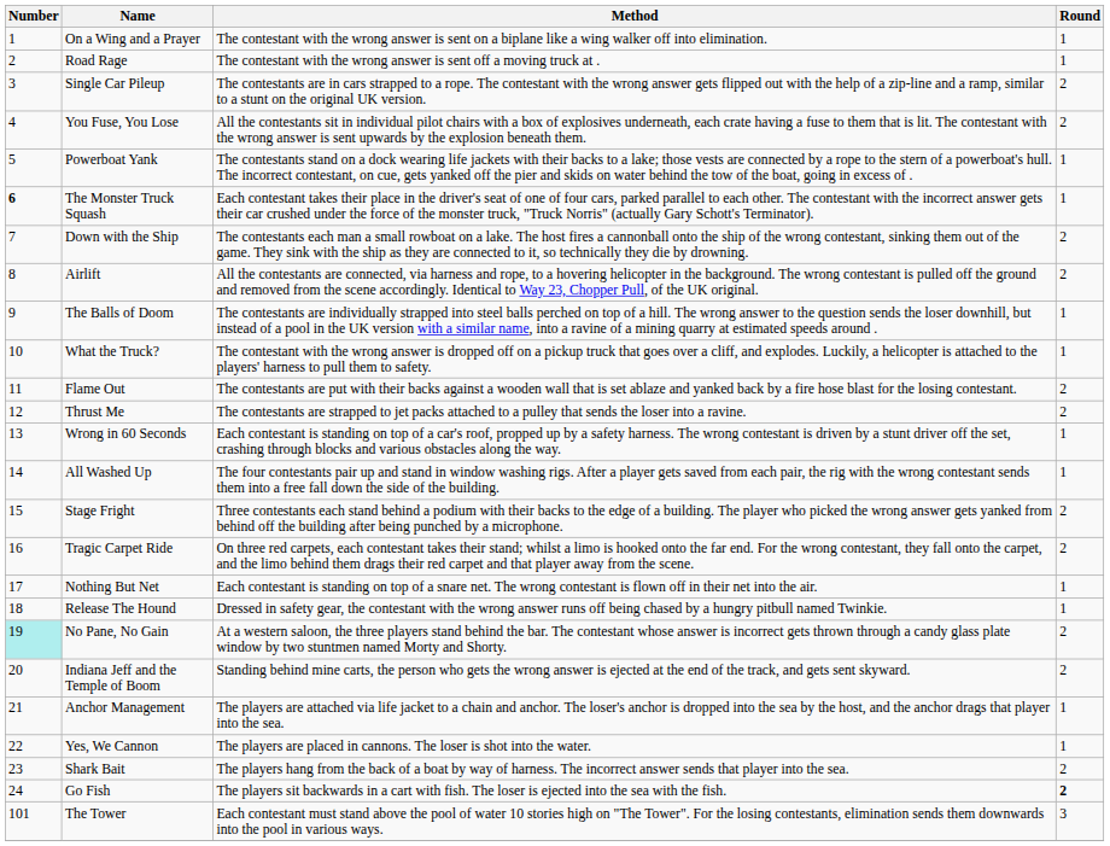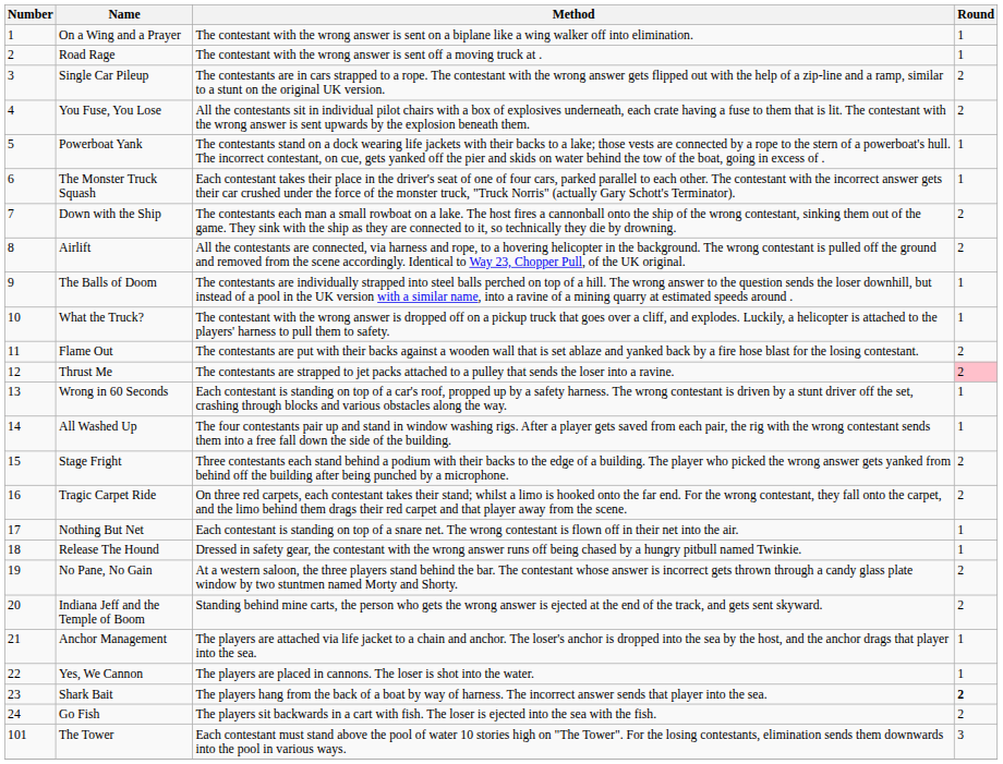 <table class="wikitable">
 <tr>
 <th>Number</th>
 <th>Name</th>
 <th>Method</th>
 <th>Round</th>
 </tr>
 <tr valign="top">
 <td><span>1</span></td>
 <td>On a Wing and a Prayer</td>
 <td>The contestant with the wrong answer is sent on a biplane like a wing walker off into elimination.</td>
 <td>1</td>
 </tr>
 <tr valign="top">
 <td><span>2</span></td>
 <td>Road Rage</td>
 <td>The contestant with the wrong answer is sent off a moving truck at .</td>
 <td>1</td>
 </tr>
 <tr valign="top">
 <td><span>3</span></td>
 <td>Single Car Pileup</td>
 <td>The contestants are in cars strapped to a rope. The contestant with the wrong answer gets flipped out with the help of a zip-line and a ramp, similar to a stunt on the original UK version.</td>
 <td>2</td>
 </tr>
 <tr valign="top">
 <td><span>4</span></td>
 <td>You Fuse, You Lose</td>
 <td>All the contestants sit in individual pilot chairs with a box of explosives underneath, each crate having a fuse to them that is lit. The contestant with the wrong answer is sent upwards by the explosion beneath them.</td>
 <td>2</td>
 </tr>
 <tr valign="top">
 <td><span>5</span></td>
 <td>Powerboat Yank</td>
 <td>The contestants stand on a dock wearing life jackets with their backs to a lake; those vests are connected by a rope to the stern of a powerboat's hull. The incorrect contestant, on cue, gets yanked off the pier and skids on water behind the tow of the boat, going in excess of .</td>
 <td>1</td>
 </tr>
 <tr valign="top">
-<td><strong><span>6</span></strong></td>
+<td><span>6</span></td>
 <td>The Monster Truck Squash</td>
 <td>Each contestant takes their place in the driver's seat of one of four cars, parked parallel to each other. The contestant with the incorrect answer gets their car crushed under the force of the monster truck, "Truck Norris" (actually Gary Schott's Terminator).</td>
 <td>1</td>
 </tr>
 <tr valign="top">
 <td><span>7</span></td>
 <td>Down with the Ship</td>
 <td>The contestants each man a small rowboat on a lake. The host fires a cannonball onto the ship of the wrong contestant, sinking them out of the game. They sink with the ship as they are connected to it, so technically they die by drowning.</td>
 <td>2</td>
 </tr>
 <tr valign="top">
 <td><span>8</span></td>
 <td>Airlift</td>
 <td>All the contestants are connected, via harness and rope, to a hovering helicopter in the background. The wrong contestant is pulled off the ground and removed from the scene accordingly. Identical to <a href='#'>Way 23, Chopper Pull</a>, of the UK original.</td>
 <td>2</td>
 </tr>
 <tr valign="top">
 <td><span>9</span></td>
 <td>The Balls of Doom</td>
 <td>The contestants are individually strapped into steel balls perched on top of a hill. The wrong answer to the question sends the loser downhill, but instead of a pool in the UK version <a href='#'>with a similar name</a>, into a ravine of a mining quarry at estimated speeds around .</td>
 <td>1</td>
 </tr>
 <tr valign="top">
 <td><span>10</span></td>
 <td>What the Truck?</td>
 <td>The contestant with the wrong answer is dropped off on a pickup truck that goes over a cliff, and explodes.  Luckily, a helicopter is attached to the players' harness to pull them to safety.</td>
 <td>1</td>
 </tr>
 <tr valign="top">
 <td><span>11</span></td>
 <td>Flame Out</td>
 <td>The contestants are put with their backs against a wooden wall that is set ablaze and yanked back by a fire hose blast for the losing contestant.</td>
 <td>2</td>
 </tr>
 <tr valign="top">
 <td><span>12</span></td>
 <td>Thrust Me</td>
 <td>The contestants are strapped to jet packs attached to a pulley that sends the loser into a ravine.</td>
-<td>2</td>
+<td style="background: pink;">2</td>
 </tr>
 <tr valign="top">
 <td><span>13</span></td>
 <td>Wrong in 60 Seconds</td>
 <td>Each contestant is standing on top of a car's roof, propped up by a safety harness. The wrong contestant is driven by a stunt driver off the set, crashing through blocks and various obstacles along the way.</td>
 <td>1</td>
 </tr>
 <tr valign="top">
 <td><span>14</span></td>
 <td>All Washed Up</td>
 <td>The four contestants pair up and stand in window washing rigs. After a player gets saved from each pair, the rig with the wrong contestant sends them into a free fall down the side of the building.</td>
 <td>1</td>
 </tr>
 <tr valign="top">
 <td><span>15</span></td>
 <td>Stage Fright</td>
 <td>Three contestants each stand behind a podium with their backs to the edge of a building. The player who picked the wrong answer gets yanked from behind off the building after being punched by a microphone.</td>
 <td>2</td>
 </tr>
 <tr valign="top">
 <td><span>16</span></td>
 <td>Tragic Carpet Ride</td>
 <td>On three red carpets, each contestant takes their stand; whilst a limo is hooked onto the far end. For the wrong contestant, they fall onto the carpet, and the limo behind them drags their red carpet and that player away from the scene.</td>
 <td>2</td>
 </tr>
 <tr valign="top">
 <td><span>17</span></td>
 <td>Nothing But Net</td>
 <td>Each contestant is standing on top of a snare net. The wrong contestant is flown off in their net  into the air.</td>
 <td>1</td>
 </tr>
 <tr valign="top">
 <td><span>18</span></td>
 <td>Release The Hound</td>
 <td>Dressed in safety gear, the contestant with the wrong answer runs off being chased by a hungry pitbull named Twinkie.</td>
 <td>1</td>
 </tr>
 <tr valign="top">
-<td style="background: paleturquoise;"><span>19</span></td>
+<td><span>19</span></td>
 <td>No Pane, No Gain</td>
 <td>At a western saloon, the three players stand behind the bar.  The contestant whose answer is incorrect gets thrown through a candy glass plate window by two stuntmen named Morty and Shorty.</td>
 <td>2</td>
 </tr>
 <tr valign="top">
 <td><span>20</span></td>
 <td>Indiana Jeff and the Temple of Boom</td>
 <td>Standing behind mine carts, the person who gets the wrong answer is ejected at the end of the track, and gets sent skyward.</td>
 <td>2</td>
 </tr>
 <tr valign="top">
 <td><span>21</span></td>
 <td>Anchor Management</td>
 <td>The players are attached via life jacket to a chain and anchor.  The loser's anchor is dropped into the sea by the host, and the anchor drags that player into the sea.</td>
 <td>1</td>
 </tr>
 <tr valign="top">
 <td><span>22</span></td>
 <td>Yes, We Cannon</td>
 <td>The players are placed in cannons.  The loser is shot into the water.</td>
 <td>1</td>
 </tr>
 <tr valign="top">
 <td><span>23</span></td>
 <td>Shark Bait</td>
 <td>The players hang from the back of a boat by way of harness. The incorrect answer sends that player into the sea.</td>
-<td>2</td>
+<td><strong>2</strong></td>
 </tr>
 <tr valign="top">
 <td><span>24</span></td>
 <td>Go Fish</td>
 <td>The players sit backwards in a cart with fish.  The loser is ejected into the sea with the fish.</td>
-<td><strong>2</strong></td>
+<td>2</td>
 </tr>
 <tr valign="top">
 <td><span>101</span></td>
 <td>The Tower</td>
 <td>Each contestant must stand above the pool of water 10 stories high on "The Tower". For the losing contestants, elimination sends them downwards into the pool in various ways.</td>
 <td>3</td>
 </tr>
 <tr valign="top">
 </tr>
 </table>
